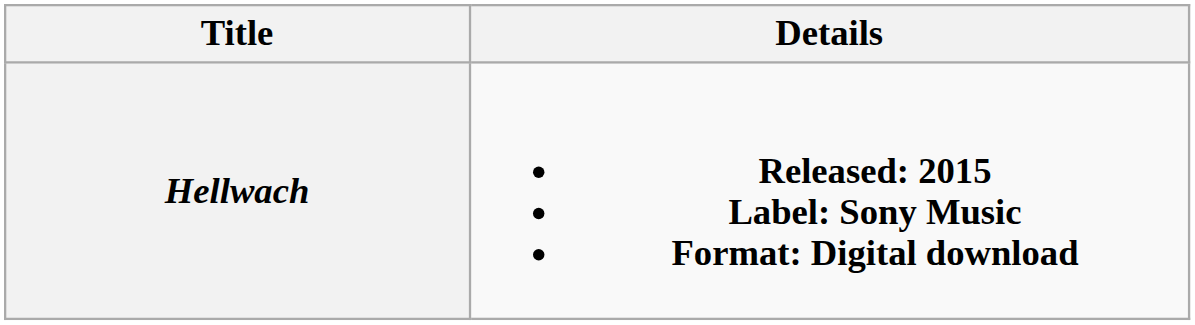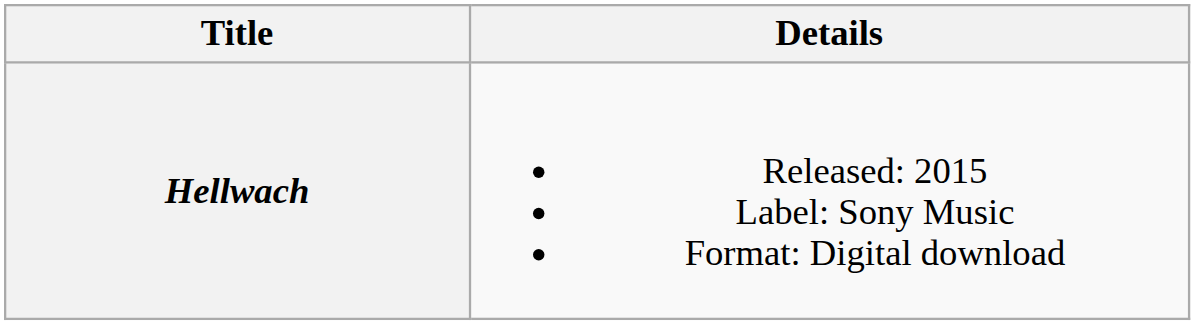 <table class="wikitable plainrowheaders" style="text-align:center;">
 <tr>
 <th scope="col" style="width:12.2em;">Title</th>
 <th scope="col" style="width:19.2em;">Details</th>
 </tr>
 <tr>
 <th scope="row"><em>Hellwach</em></th>
-<td><strong><br><ul><li>Released: 2015</li><li>Label: Sony Music</li><li>Format: Digital download</li></ul></strong></td>
+<td><br><ul><li>Released: 2015</li><li>Label: Sony Music</li><li>Format: Digital download</li></ul></td>
 </tr>
 </table>
